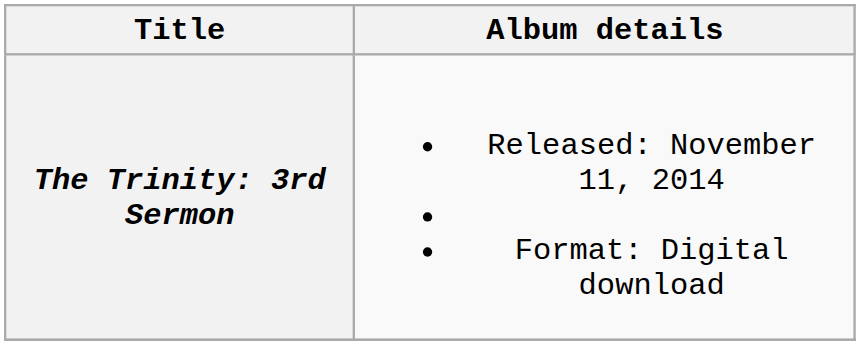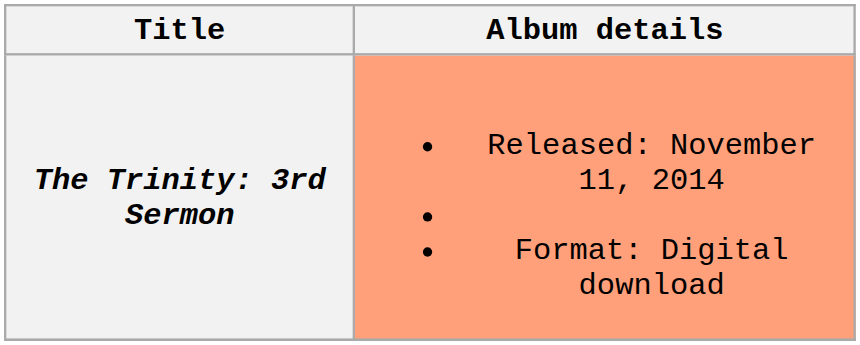 <table class="wikitable plainrowheaders" style="text-align:center;">
 <tr>
 <th scope="col" style="width:11em;">Title</th>
 <th scope="col" style="width:16em;">Album details</th>
 </tr>
 <tr>
 <th scope="row"><em>The Trinity: 3rd Sermon</em></th>
-<td><br><ul><li>Released: November 11, 2014</li><li></li><li>Format: Digital download</li></ul></td>
+<td style="background: lightsalmon;"><br><ul><li>Released: November 11, 2014</li><li></li><li>Format: Digital download</li></ul></td>
 </tr>
 <tr>
 </tr>
 </table>
